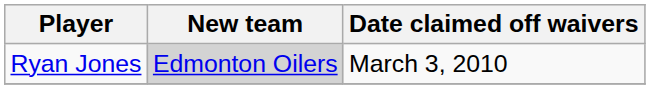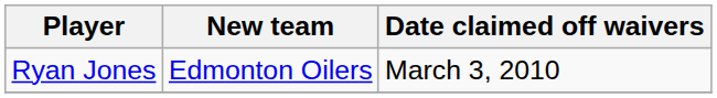 <table class="wikitable">
 <tr>
 <th>Player</th>
 <th>New team</th>
 <th>Date claimed off waivers</th>
 </tr>
 <tr>
 <td><a href='#'>Ryan Jones</a></td>
-<td style="background: lightgrey;"><a href='#'>Edmonton Oilers</a></td>
+<td><a href='#'>Edmonton Oilers</a></td>
 <td>March 3, 2010</td>
 </tr>
 <tr>
 </tr>
 </table>
